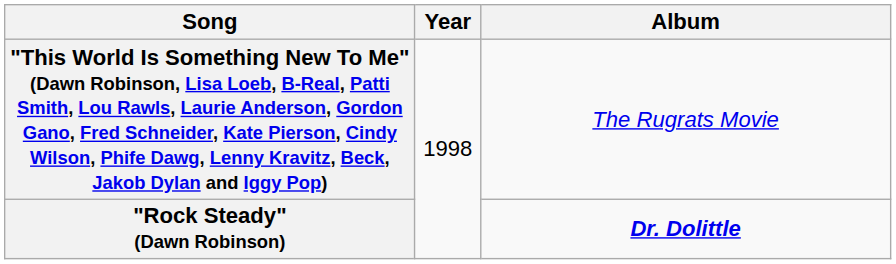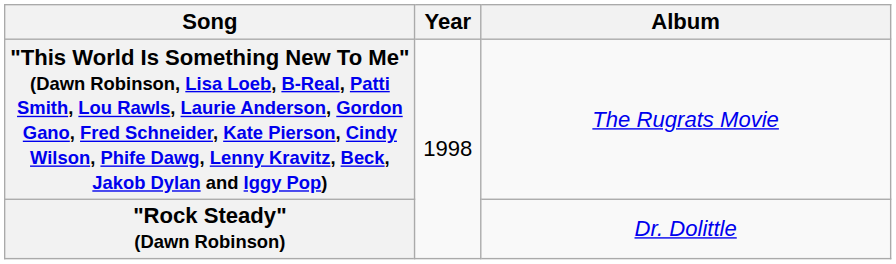 <table class="wikitable plainrowheaders"  style="text-align:center;" border="1">
 <tr>
 <th width="290px">Song</th>
 <th width="40px">Year</th>
 <th width="290px">Album</th>
 </tr>
 <tr>
 <th scope="row">"This World Is Something New To Me"<br><small>(Dawn Robinson, <a href='#'>Lisa Loeb</a>, <a href='#'>B-Real</a>, <a href='#'>Patti Smith</a>, <a href='#'>Lou Rawls</a>, <a href='#'>Laurie Anderson</a>, <a href='#'>Gordon Gano</a>, <a href='#'>Fred Schneider</a>, <a href='#'>Kate Pierson</a>, <a href='#'>Cindy Wilson</a>, <a href='#'>Phife Dawg</a>, <a href='#'>Lenny Kravitz</a>, <a href='#'>Beck</a>, <a href='#'>Jakob Dylan</a> and <a href='#'>Iggy Pop</a>)</small></th>
 <td rowspan="2">1998</td>
 <td><em><a href='#'>The Rugrats Movie</a></em></td>
 </tr>
 <tr>
 <th scope="row">"Rock Steady"<br><small>(Dawn Robinson)</small></th>
-<td><strong><em><a href='#'>Dr. Dolittle</a></em></strong></td>
+<td><em><a href='#'>Dr. Dolittle</a></em></td>
 </tr>
 </table>
